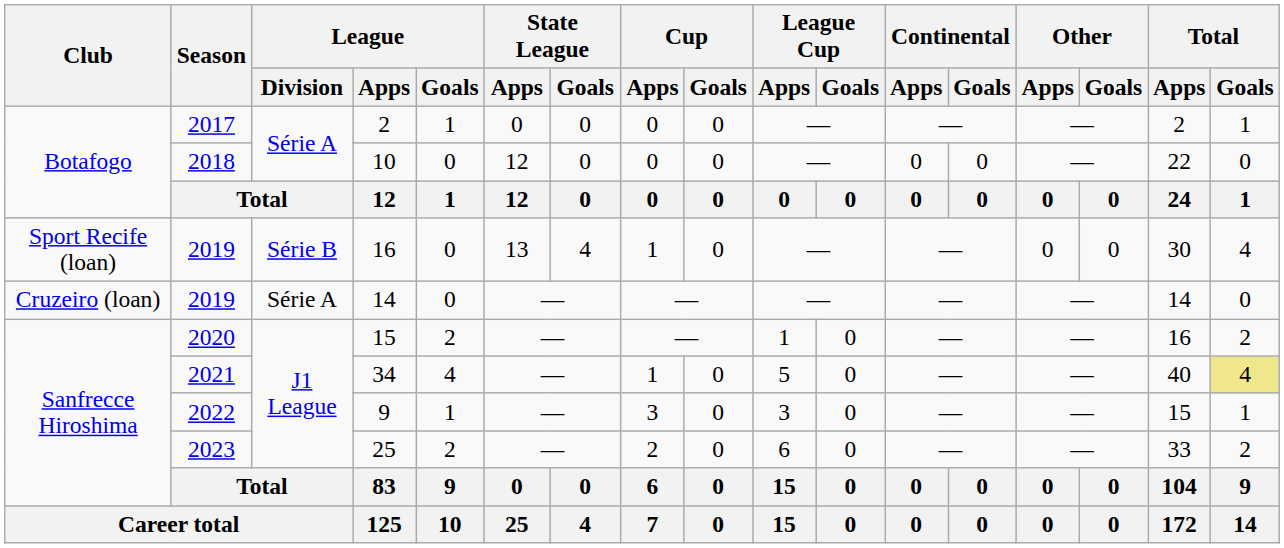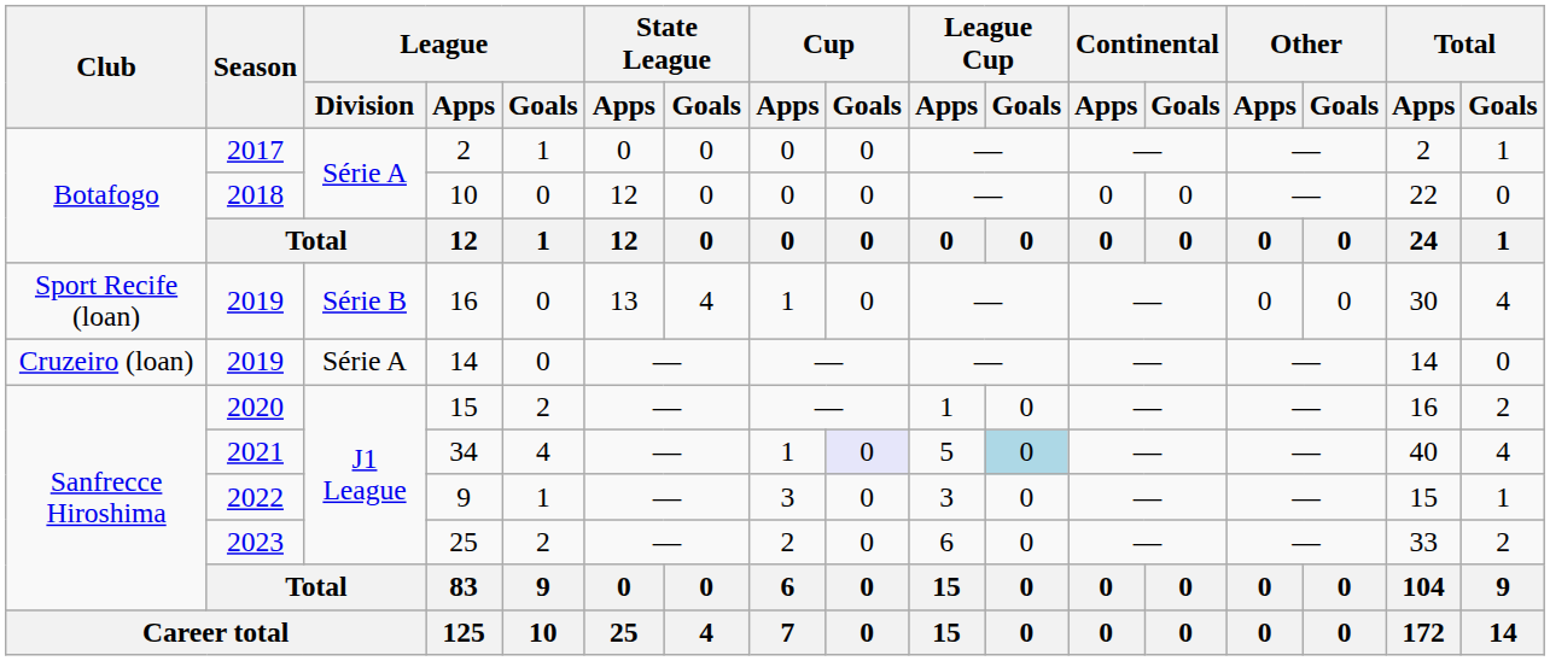 <table class="wikitable" style="text-align: center">
 <tr>
 <th rowspan="2">Club</th>
 <th rowspan="2">Season</th>
 <th colspan="3">League</th>
 <th colspan="2">State League</th>
 <th colspan="2">Cup</th>
 <th colspan="2">League Cup</th>
 <th colspan="2">Continental</th>
 <th colspan="2">Other</th>
 <th colspan="2">Total</th>
 </tr>
 <tr>
 <th>Division</th>
 <th>Apps</th>
 <th>Goals</th>
 <th>Apps</th>
 <th>Goals</th>
 <th>Apps</th>
 <th>Goals</th>
 <th>Apps</th>
 <th>Goals</th>
 <th>Apps</th>
 <th>Goals</th>
 <th>Apps</th>
 <th>Goals</th>
 <th>Apps</th>
 <th>Goals</th>
 </tr>
 <tr>
 <td rowspan="3"><a href='#'>Botafogo</a></td>
 <td><a href='#'>2017</a></td>
 <td rowspan="2"><a href='#'>Série A</a></td>
 <td>2</td>
 <td>1</td>
 <td>0</td>
 <td>0</td>
 <td>0</td>
 <td>0</td>
 <td colspan="2">—</td>
 <td colspan="2">—</td>
 <td colspan="2">—</td>
 <td>2</td>
 <td>1</td>
 </tr>
 <tr>
 <td><a href='#'>2018</a></td>
 <td>10</td>
 <td>0</td>
 <td>12</td>
 <td>0</td>
 <td>0</td>
 <td>0</td>
 <td colspan="2">—</td>
 <td>0</td>
 <td>0</td>
 <td colspan="2">—</td>
 <td>22</td>
 <td>0</td>
 </tr>
 <tr>
 <th colspan="2"><strong>Total</strong></th>
 <th>12</th>
 <th>1</th>
 <th>12</th>
 <th>0</th>
 <th>0</th>
 <th>0</th>
 <th>0</th>
 <th>0</th>
 <th>0</th>
 <th>0</th>
 <th>0</th>
 <th>0</th>
 <th>24</th>
 <th>1</th>
 </tr>
 <tr>
 <td><a href='#'>Sport Recife</a> (loan)</td>
 <td><a href='#'>2019</a></td>
 <td><a href='#'>Série B</a></td>
 <td>16</td>
 <td>0</td>
 <td>13</td>
 <td>4</td>
 <td>1</td>
 <td>0</td>
 <td colspan="2">—</td>
 <td colspan="2">—</td>
 <td>0</td>
 <td>0</td>
 <td>30</td>
 <td>4</td>
 </tr>
 <tr>
 <td><a href='#'>Cruzeiro</a> (loan)</td>
 <td><a href='#'>2019</a></td>
 <td>Série A</td>
 <td>14</td>
 <td>0</td>
 <td colspan="2">—</td>
 <td colspan="2">—</td>
 <td colspan="2">—</td>
 <td colspan="2">—</td>
 <td colspan="2">—</td>
 <td>14</td>
 <td>0</td>
 </tr>
 <tr>
 <td rowspan="5"><a href='#'>Sanfrecce Hiroshima</a></td>
 <td><a href='#'>2020</a></td>
 <td rowspan="4"><a href='#'>J1 League</a></td>
 <td>15</td>
 <td>2</td>
 <td colspan="2">—</td>
 <td colspan="2">—</td>
 <td>1</td>
 <td>0</td>
 <td colspan="2">—</td>
 <td colspan="2">—</td>
 <td>16</td>
 <td>2</td>
 </tr>
 <tr>
 <td><a href='#'>2021</a></td>
 <td>34</td>
 <td>4</td>
 <td colspan="2">—</td>
 <td>1</td>
-<td>0</td>
+<td style="background: lavender;">0</td>
 <td>5</td>
-<td>0</td>
+<td style="background: lightblue;">0</td>
 <td colspan="2">—</td>
 <td colspan="2">—</td>
 <td>40</td>
-<td style="background: khaki;">4</td>
+<td>4</td>
 </tr>
 <tr>
 <td><a href='#'>2022</a></td>
 <td>9</td>
 <td>1</td>
 <td colspan="2">—</td>
 <td>3</td>
 <td>0</td>
 <td>3</td>
 <td>0</td>
 <td colspan="2">—</td>
 <td colspan="2">—</td>
 <td>15</td>
 <td>1</td>
 </tr>
 <tr>
 <td><a href='#'>2023</a></td>
 <td>25</td>
 <td>2</td>
 <td colspan="2">—</td>
 <td>2</td>
 <td>0</td>
 <td>6</td>
 <td>0</td>
 <td colspan="2">—</td>
 <td colspan="2">—</td>
 <td>33</td>
 <td>2</td>
 </tr>
 <tr>
 <th colspan="2"><strong>Total</strong></th>
 <th>83</th>
 <th>9</th>
 <th>0</th>
 <th>0</th>
 <th>6</th>
 <th>0</th>
 <th>15</th>
 <th>0</th>
 <th>0</th>
 <th>0</th>
 <th>0</th>
 <th>0</th>
 <th>104</th>
 <th>9</th>
 </tr>
 <tr>
 <th colspan="3"><strong>Career total</strong></th>
 <th>125</th>
 <th>10</th>
 <th>25</th>
 <th>4</th>
 <th>7</th>
 <th>0</th>
 <th>15</th>
 <th>0</th>
 <th>0</th>
 <th>0</th>
 <th>0</th>
 <th>0</th>
 <th>172</th>
 <th>14</th>
 </tr>
 </table>
